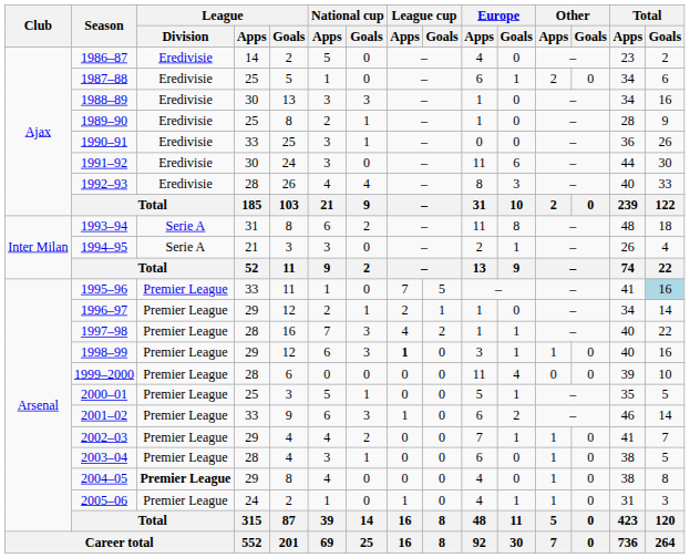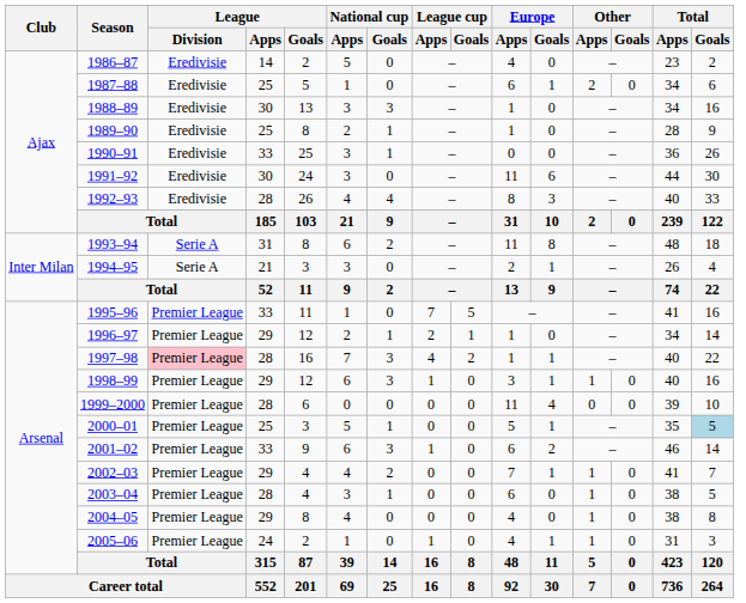 <table class="wikitable" style="text-align:center">
 <tr>
 <th rowspan="2">Club</th>
 <th rowspan="2">Season</th>
 <th colspan="3">League</th>
 <th colspan="2">National cup</th>
 <th colspan="2">League cup</th>
 <th colspan="2"><a href='#'>Europe</a></th>
 <th colspan="2">Other</th>
 <th colspan="2">Total</th>
 </tr>
 <tr>
 <th>Division</th>
 <th>Apps</th>
 <th>Goals</th>
 <th>Apps</th>
 <th>Goals</th>
 <th>Apps</th>
 <th>Goals</th>
 <th>Apps</th>
 <th>Goals</th>
 <th>Apps</th>
 <th>Goals</th>
 <th>Apps</th>
 <th>Goals</th>
 </tr>
 <tr>
 <td rowspan="8"><a href='#'>Ajax</a></td>
 <td><a href='#'>1986–87</a></td>
 <td><a href='#'>Eredivisie</a></td>
 <td>14</td>
 <td>2</td>
 <td>5</td>
 <td>0</td>
 <td colspan="2">–</td>
 <td>4</td>
 <td>0</td>
 <td colspan="2">–</td>
 <td>23</td>
 <td>2</td>
 </tr>
 <tr>
 <td><a href='#'>1987–88</a></td>
 <td>Eredivisie</td>
 <td>25</td>
 <td>5</td>
 <td>1</td>
 <td>0</td>
 <td colspan="2">–</td>
 <td>6</td>
 <td>1</td>
 <td>2</td>
 <td>0</td>
 <td>34</td>
 <td>6</td>
 </tr>
 <tr>
 <td><a href='#'>1988–89</a></td>
 <td>Eredivisie</td>
 <td>30</td>
 <td>13</td>
 <td>3</td>
 <td>3</td>
 <td colspan="2">–</td>
 <td>1</td>
 <td>0</td>
 <td colspan="2">–</td>
 <td>34</td>
 <td>16</td>
 </tr>
 <tr>
 <td><a href='#'>1989–90</a></td>
 <td>Eredivisie</td>
 <td>25</td>
 <td>8</td>
 <td>2</td>
 <td>1</td>
 <td colspan="2">–</td>
 <td>1</td>
 <td>0</td>
 <td colspan="2">–</td>
 <td>28</td>
 <td>9</td>
 </tr>
 <tr>
 <td><a href='#'>1990–91</a></td>
 <td>Eredivisie</td>
 <td>33</td>
 <td>25</td>
 <td>3</td>
 <td>1</td>
 <td colspan="2">–</td>
 <td>0</td>
 <td>0</td>
 <td colspan="2">–</td>
 <td>36</td>
 <td>26</td>
 </tr>
 <tr>
 <td><a href='#'>1991–92</a></td>
 <td>Eredivisie</td>
 <td>30</td>
 <td>24</td>
 <td>3</td>
 <td>0</td>
 <td colspan="2">–</td>
 <td>11</td>
 <td>6</td>
 <td colspan="2">–</td>
 <td>44</td>
 <td>30</td>
 </tr>
 <tr>
 <td><a href='#'>1992–93</a></td>
 <td>Eredivisie</td>
 <td>28</td>
 <td>26</td>
 <td>4</td>
 <td>4</td>
 <td colspan="2">–</td>
 <td>8</td>
 <td>3</td>
 <td colspan="2">–</td>
 <td>40</td>
 <td>33</td>
 </tr>
 <tr>
 <th colspan="2">Total</th>
 <th>185</th>
 <th>103</th>
 <th>21</th>
 <th>9</th>
 <th colspan="2">–</th>
 <th>31</th>
 <th>10</th>
 <th>2</th>
 <th>0</th>
 <th>239</th>
 <th>122</th>
 </tr>
 <tr>
 <td rowspan="3"><a href='#'>Inter Milan</a></td>
 <td><a href='#'>1993–94</a></td>
 <td><a href='#'>Serie A</a></td>
 <td>31</td>
 <td>8</td>
 <td>6</td>
 <td>2</td>
 <td colspan="2">–</td>
 <td>11</td>
 <td>8</td>
 <td colspan="2">–</td>
 <td>48</td>
 <td>18</td>
 </tr>
 <tr>
 <td><a href='#'>1994–95</a></td>
 <td>Serie A</td>
 <td>21</td>
 <td>3</td>
 <td>3</td>
 <td>0</td>
 <td colspan="2">–</td>
 <td>2</td>
 <td>1</td>
 <td colspan="2">–</td>
 <td>26</td>
 <td>4</td>
 </tr>
 <tr>
 <th colspan="2">Total</th>
 <th>52</th>
 <th>11</th>
 <th>9</th>
 <th>2</th>
 <th colspan="2">–</th>
 <th>13</th>
 <th>9</th>
 <th colspan="2">–</th>
 <th>74</th>
 <th>22</th>
 </tr>
 <tr>
 <td rowspan="12"><a href='#'>Arsenal</a></td>
 <td><a href='#'>1995–96</a></td>
 <td><a href='#'>Premier League</a></td>
 <td>33</td>
 <td>11</td>
 <td>1</td>
 <td>0</td>
 <td>7</td>
 <td>5</td>
 <td colspan="2">–</td>
 <td colspan="2">–</td>
 <td>41</td>
-<td style="background: lightblue;">16</td>
+<td>16</td>
 </tr>
 <tr>
 <td><a href='#'>1996–97</a></td>
 <td>Premier League</td>
 <td>29</td>
 <td>12</td>
 <td>2</td>
 <td>1</td>
 <td>2</td>
 <td>1</td>
 <td>1</td>
 <td>0</td>
 <td colspan="2">–</td>
 <td>34</td>
 <td>14</td>
 </tr>
 <tr>
 <td><a href='#'>1997–98</a></td>
-<td>Premier League</td>
+<td style="background: pink;">Premier League</td>
 <td>28</td>
 <td>16</td>
 <td>7</td>
 <td>3</td>
 <td>4</td>
 <td>2</td>
 <td>1</td>
 <td>1</td>
 <td colspan="2">–</td>
 <td>40</td>
 <td>22</td>
 </tr>
 <tr>
 <td><a href='#'>1998–99</a></td>
 <td>Premier League</td>
 <td>29</td>
 <td>12</td>
 <td>6</td>
 <td>3</td>
-<td><strong>1</strong></td>
+<td>1</td>
 <td>0</td>
 <td>3</td>
 <td>1</td>
 <td>1</td>
 <td>0</td>
 <td>40</td>
 <td>16</td>
 </tr>
 <tr>
 <td><a href='#'>1999–2000</a></td>
 <td>Premier League</td>
 <td>28</td>
 <td>6</td>
 <td>0</td>
 <td>0</td>
 <td>0</td>
 <td>0</td>
 <td>11</td>
 <td>4</td>
 <td>0</td>
 <td>0</td>
 <td>39</td>
 <td>10</td>
 </tr>
 <tr>
 <td><a href='#'>2000–01</a></td>
 <td>Premier League</td>
 <td>25</td>
 <td>3</td>
 <td>5</td>
 <td>1</td>
 <td>0</td>
 <td>0</td>
 <td>5</td>
 <td>1</td>
 <td colspan="2">–</td>
 <td>35</td>
-<td>5</td>
+<td style="background: lightblue;">5</td>
 </tr>
 <tr>
 <td><a href='#'>2001–02</a></td>
 <td>Premier League</td>
 <td>33</td>
 <td>9</td>
 <td>6</td>
 <td>3</td>
 <td>1</td>
 <td>0</td>
 <td>6</td>
 <td>2</td>
 <td colspan="2">–</td>
 <td>46</td>
 <td>14</td>
 </tr>
 <tr>
 <td><a href='#'>2002–03</a></td>
 <td>Premier League</td>
 <td>29</td>
 <td>4</td>
 <td>4</td>
 <td>2</td>
 <td>0</td>
 <td>0</td>
 <td>7</td>
 <td>1</td>
 <td>1</td>
 <td>0</td>
 <td>41</td>
 <td>7</td>
 </tr>
 <tr>
 <td><a href='#'>2003–04</a></td>
 <td>Premier League</td>
 <td>28</td>
 <td>4</td>
 <td>3</td>
 <td>1</td>
 <td>0</td>
 <td>0</td>
 <td>6</td>
 <td>0</td>
 <td>1</td>
 <td>0</td>
 <td>38</td>
 <td>5</td>
 </tr>
 <tr>
 <td><a href='#'>2004–05</a></td>
-<td><strong>Premier League</strong></td>
+<td>Premier League</td>
 <td>29</td>
 <td>8</td>
 <td>4</td>
 <td>0</td>
 <td>0</td>
 <td>0</td>
 <td>4</td>
 <td>0</td>
 <td>1</td>
 <td>0</td>
 <td>38</td>
 <td>8</td>
 </tr>
 <tr>
 <td><a href='#'>2005–06</a></td>
 <td>Premier League</td>
 <td>24</td>
 <td>2</td>
 <td>1</td>
 <td>0</td>
 <td>1</td>
 <td>0</td>
 <td>4</td>
 <td>1</td>
 <td>1</td>
 <td>0</td>
 <td>31</td>
 <td>3</td>
 </tr>
 <tr>
 <th colspan="2">Total</th>
 <th>315</th>
 <th>87</th>
 <th>39</th>
 <th>14</th>
 <th>16</th>
 <th>8</th>
 <th>48</th>
 <th>11</th>
 <th>5</th>
 <th>0</th>
 <th>423</th>
 <th>120</th>
 </tr>
 <tr>
 <th colspan="3">Career total</th>
 <th>552</th>
 <th>201</th>
 <th>69</th>
 <th>25</th>
 <th>16</th>
 <th>8</th>
 <th>92</th>
 <th>30</th>
 <th>7</th>
 <th>0</th>
 <th>736</th>
 <th>264</th>
 </tr>
 </table>
